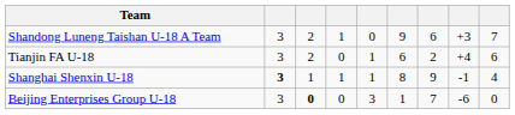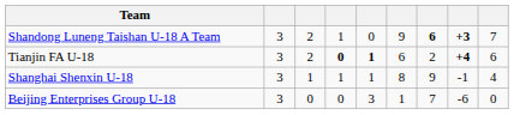 <table class="wikitable" style="text-align:center;">
 <tr>
 <th width=310>Team</th>
 <th width=30></th>
 <th width=30></th>
 <th width=30></th>
 <th width=30></th>
 <th width=30></th>
 <th width=30></th>
 <th width=30></th>
 <th width=30></th>
 </tr>
 <tr style=>
 <td align="left"><a href='#'>Shandong Luneng Taishan U-18 A Team</a></td>
 <td>3</td>
 <td>2</td>
 <td>1</td>
 <td>0</td>
 <td>9</td>
-<td>6</td>
-<td>+3</td>
+<td><strong>6</strong></td>
+<td><strong>+3</strong></td>
 <td>7</td>
 </tr>
 <tr style=>
 <td align="left">Tianjin FA U-18</td>
 <td>3</td>
 <td>2</td>
-<td>0</td>
-<td>1</td>
+<td><strong>0</strong></td>
+<td><strong>1</strong></td>
 <td>6</td>
 <td>2</td>
-<td>+4</td>
+<td><strong>+4</strong></td>
 <td>6</td>
 </tr>
 <tr style=>
 <td align="left"><a href='#'>Shanghai Shenxin U-18</a></td>
-<td><strong>3</strong></td>
+<td>3</td>
 <td>1</td>
 <td>1</td>
 <td>1</td>
 <td>8</td>
 <td>9</td>
 <td>-1</td>
 <td>4</td>
 </tr>
 <tr style=>
 <td align="left"><a href='#'>Beijing Enterprises Group U-18</a></td>
 <td>3</td>
-<td><strong>0</strong></td>
+<td>0</td>
 <td>0</td>
 <td>3</td>
 <td>1</td>
 <td>7</td>
 <td>-6</td>
 <td>0</td>
 </tr>
 </table>
